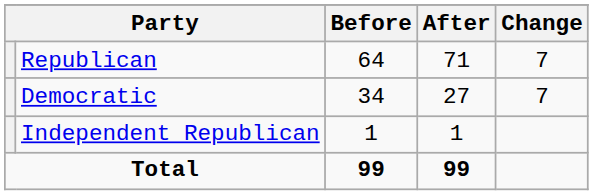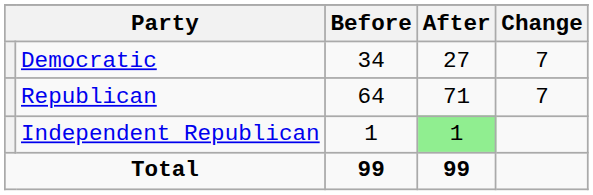 <table class="wikitable" style="text-align:center;">
 <tr>
 </tr>
 <tr>
 <th colspan=2>Party</th>
 <th>Before</th>
 <th>After</th>
 <th>Change</th>
 </tr>
 <tr>
 <th style="background-color:"></th>
+<td style="text-align:left;"><a href='#'>Democratic</a></td>
+<td>34</td>
+<td>27</td>
+<td> 7</td>
+</tr>
+<tr>
+<th style="background-color:"></th>
 <td style="text-align:left;"><a href='#'>Republican</a></td>
 <td>64</td>
 <td>71</td>
 <td> 7</td>
 </tr>
 <tr>
 <th style="background-color:"></th>
-<td style="text-align:left;"><a href='#'>Democratic</a></td>
-<td>34</td>
-<td>27</td>
-<td> 7</td>
-</tr>
-<tr>
-<th style="background-color:"></th>
 <td style="text-align:left;"><a href='#'>Independent Republican</a></td>
 <td>1</td>
-<td>1</td>
+<td style="background: lightgreen;">1</td>
 <td></td>
 </tr>
 <tr>
 <td colspan=2><strong>Total</strong></td>
 <td><strong>99</strong></td>
 <td><strong>99</strong></td>
 <td></td>
 </tr>
 </table>
